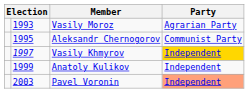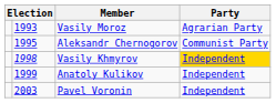 <table class="wikitable">
 <tr>
 <th colspan="2">Election</th>
 <th>Member</th>
 <th>Party</th>
 </tr>
 <tr>
 <td style="background-color:"></td>
 <td><a href='#'>1993</a></td>
 <td><a href='#'>Vasily Moroz</a></td>
 <td><a href='#'>Agrarian Party</a></td>
 </tr>
 <tr>
 <td style="background-color:"></td>
 <td><a href='#'>1995</a></td>
 <td><a href='#'>Aleksandr Chernogorov</a></td>
 <td><a href='#'>Communist Party</a></td>
 </tr>
 <tr>
 <td style="background-color:"></td>
-<td><em><a href='#'>1997</a></em></td>
+<td><em><a href='#'>1998</a></em></td>
 <td><a href='#'>Vasily Khmyrov</a></td>
 <td style="background: gold;"><a href='#'>Independent</a></td>
 </tr>
 <tr>
 <td style="background-color:"></td>
 <td><a href='#'>1999</a></td>
 <td><a href='#'>Anatoly Kulikov</a></td>
 <td><a href='#'>Independent</a></td>
 </tr>
 <tr>
 <td style="background-color:"></td>
 <td><a href='#'>2003</a></td>
 <td><a href='#'>Pavel Voronin</a></td>
-<td style="background: lightsalmon;"><a href='#'>Independent</a></td>
+<td><a href='#'>Independent</a></td>
 </tr>
 </table>
